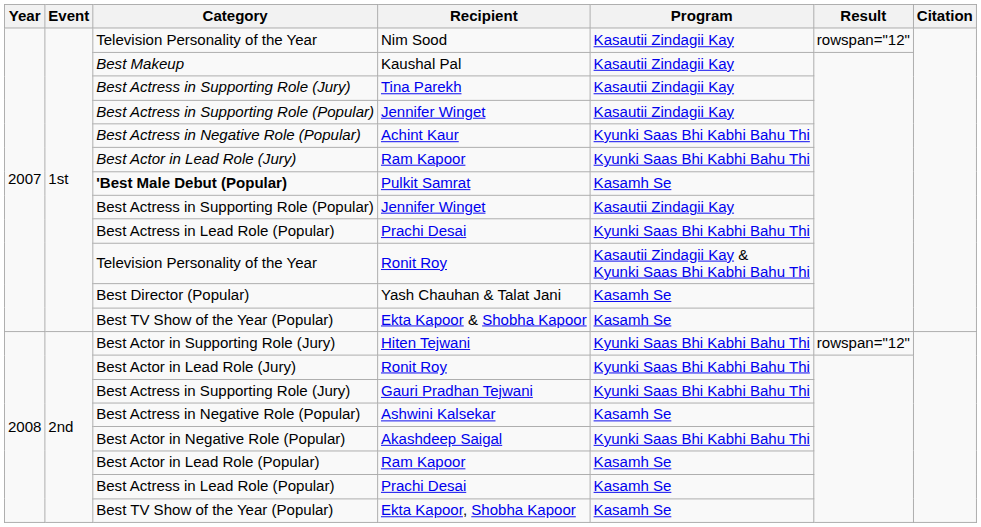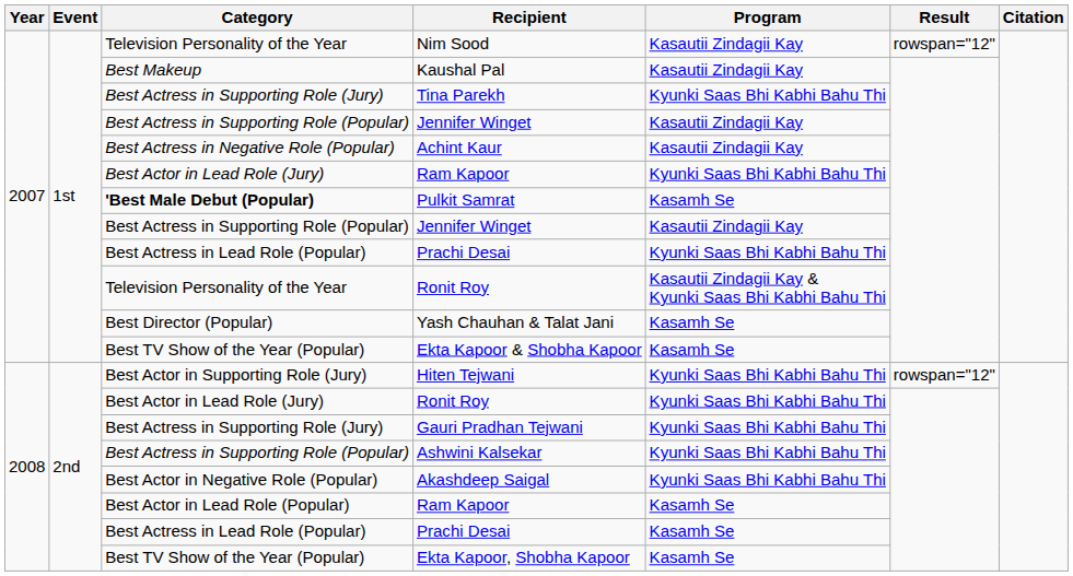 <table class="wikitable">
 <tr>
 <th>Year</th>
 <th>Event</th>
 <th>Category</th>
 <th>Recipient</th>
 <th>Program</th>
 <th>Result</th>
 <th>Citation</th>
 </tr>
 <tr>
 <td rowspan="12">2007</td>
 <td rowspan="12">1st</td>
 <td></em>Television Personality of the Year<em></td>
 <td>Nim Sood</td>
 <td><a href='#'>Kasautii Zindagii Kay</a></td>
 <td>rowspan="12" </td>
 <td rowspan="12"></td>
 </tr>
 <tr>
 <td><em>Best Makeup</em></td>
 <td>Kaushal Pal</td>
 <td><a href='#'>Kasautii Zindagii Kay</a></td>
 </tr>
 <tr>
 <td><em>Best Actress in Supporting Role (Jury)</em></td>
 <td><a href='#'>Tina Parekh</a></td>
-<td><a href='#'>Kasautii Zindagii Kay</a></td>
+<td><a href='#'>Kyunki Saas Bhi Kabhi Bahu Thi</a></td>
 </tr>
 <tr>
 <td><em>Best Actress in Supporting Role (Popular)</em></td>
 <td><a href='#'>Jennifer Winget</a></td>
 <td><a href='#'>Kasautii Zindagii Kay</a></td>
 </tr>
 <tr>
 <td><em>Best Actress in Negative Role (Popular)</em></td>
 <td><a href='#'>Achint Kaur</a></td>
-<td><a href='#'>Kyunki Saas Bhi Kabhi Bahu Thi</a></td>
+<td><a href='#'>Kasautii Zindagii Kay</a></td>
 </tr>
 <tr>
 <td><em>Best Actor in Lead Role (Jury)</em></td>
 <td><a href='#'>Ram Kapoor</a></td>
 <td><a href='#'>Kyunki Saas Bhi Kabhi Bahu Thi</a></td>
 </tr>
 <tr>
 <td><strong>'Best Male Debut (Popular)<em></td>
 <td><a href='#'>Pulkit Samrat</a></td>
 <td><a href='#'>Kasamh Se</a></td>
 </tr>
 <tr>
 <td></em>Best Actress in Supporting Role (Popular)<em></td>
 <td><a href='#'>Jennifer Winget</a></td>
 <td><a href='#'>Kasautii Zindagii Kay</a></td>
 </tr>
 <tr>
 <td></em>Best Actress in Lead Role (Popular)<em></td>
 <td><a href='#'>Prachi Desai</a></td>
 <td><a href='#'>Kyunki Saas Bhi Kabhi Bahu Thi</a></td>
 </tr>
 <tr>
 <td></em>Television Personality of the Year<em></td>
 <td><a href='#'>Ronit Roy</a></td>
 <td><a href='#'>Kasautii Zindagii Kay</a> & <br> <a href='#'>Kyunki Saas Bhi Kabhi Bahu Thi</a></td>
 </tr>
 <tr>
 <td></em>Best Director (Popular)<em></td>
 <td>Yash Chauhan & Talat Jani</td>
 <td><a href='#'>Kasamh Se</a></td>
 </tr>
 <tr>
 <td></em>Best TV Show of the Year (Popular)<em></td>
 <td><a href='#'>Ekta Kapoor</a> & <a href='#'>Shobha Kapoor</a></td>
 <td><a href='#'>Kasamh Se</a></td>
 </tr>
 <tr>
 <td rowspan="8">2008</td>
 <td rowspan="8">2nd</td>
 <td></em>Best Actor in Supporting Role (Jury)<em></td>
 <td><a href='#'>Hiten Tejwani</a></td>
 <td><a href='#'>Kyunki Saas Bhi Kabhi Bahu Thi</a></td>
 <td>rowspan="12" </td>
 <td rowspan="12"></td>
 </tr>
 <tr>
 <td></em>Best Actor in Lead Role (Jury)<em></td>
 <td><a href='#'>Ronit Roy</a></td>
 <td><a href='#'>Kyunki Saas Bhi Kabhi Bahu Thi</a></td>
 </tr>
 <tr>
 <td></em>Best Actress in Supporting Role (Jury)<em></td>
 <td><a href='#'>Gauri Pradhan Tejwani</a></td>
 <td><a href='#'>Kyunki Saas Bhi Kabhi Bahu Thi</a></td>
 </tr>
 <tr>
-<td></em>Best Actress in Negative Role (Popular)<em></td>
+<td><em>Best Actress in Supporting Role (Popular)</em></td>
 <td><a href='#'>Ashwini Kalsekar</a></td>
-<td><a href='#'>Kasamh Se</a></td>
+<td><a href='#'>Kyunki Saas Bhi Kabhi Bahu Thi</a></td>
 </tr>
 <tr>
 <td></em>Best Actor in Negative Role (Popular)<em></td>
 <td><a href='#'>Akashdeep Saigal</a></td>
 <td><a href='#'>Kyunki Saas Bhi Kabhi Bahu Thi</a></td>
 </tr>
 <tr>
 <td></em>Best Actor in Lead Role (Popular)<em></td>
 <td><a href='#'>Ram Kapoor</a></td>
 <td><a href='#'>Kasamh Se</a></td>
 </tr>
 <tr>
 <td></em>Best Actress in Lead Role (Popular)<em></td>
 <td><a href='#'>Prachi Desai</a></td>
 <td><a href='#'>Kasamh Se</a></td>
 </tr>
 <tr>
 <td></em>Best TV Show of the Year (Popular)<em></td>
 <td><a href='#'>Ekta Kapoor</a>, <a href='#'>Shobha Kapoor</a></td>
 <td><a href='#'>Kasamh Se</a></td>
 </tr>
 </table>
